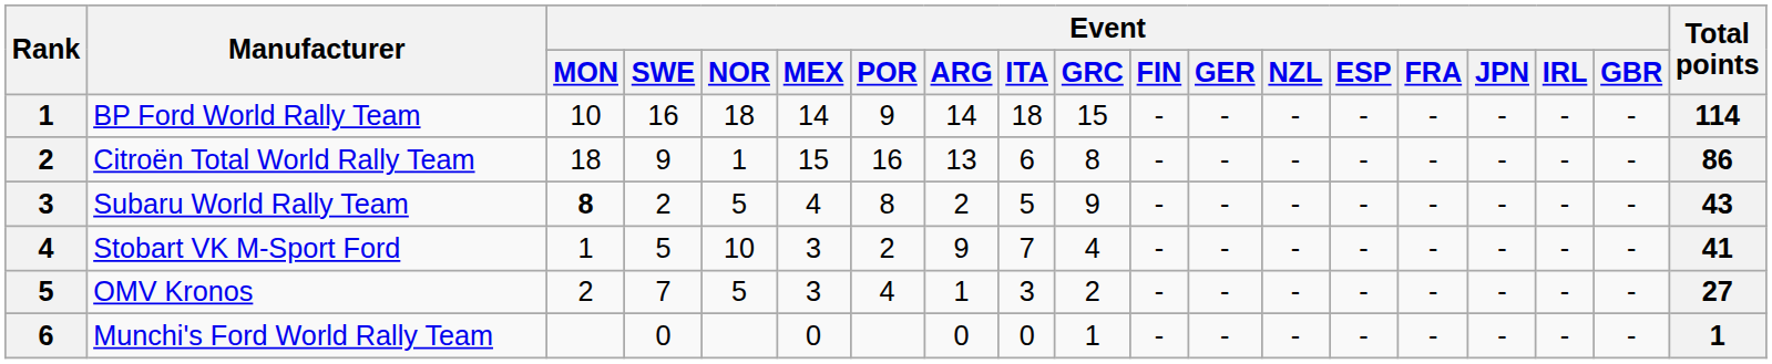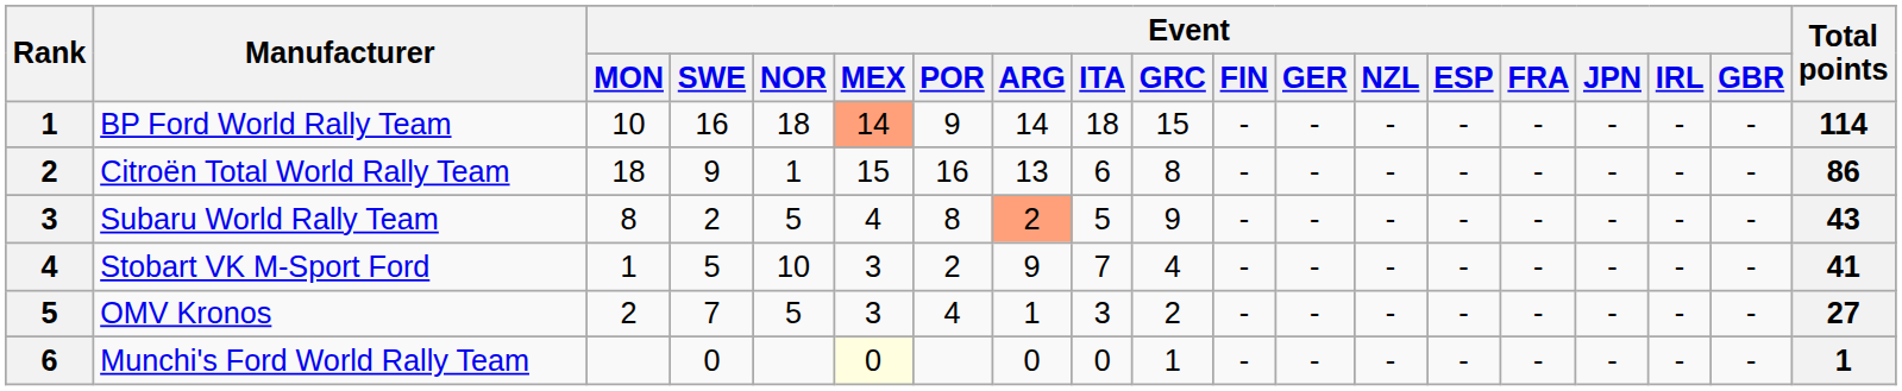 <table class="wikitable" style="text-align:center; font-size:90%;">
 <tr>
 <th rowspan=2>Rank</th>
 <th rowspan=2 style="width:16em">Manufacturer</th>
 <th colspan=16>Event</th>
 <th rowspan=2>Total<br>points</th>
 </tr>
 <tr valign="top">
 <th><a href='#'>MON</a><br></th>
 <th><a href='#'>SWE</a><br></th>
 <th><a href='#'>NOR</a><br></th>
 <th><a href='#'>MEX</a><br></th>
 <th><a href='#'>POR</a><br></th>
 <th><a href='#'>ARG</a><br></th>
 <th><a href='#'>ITA</a><br></th>
 <th><a href='#'>GRC</a><br></th>
 <th><a href='#'>FIN</a><br></th>
 <th><a href='#'>GER</a><br></th>
 <th><a href='#'>NZL</a><br></th>
 <th><a href='#'>ESP</a><br></th>
 <th><a href='#'>FRA</a><br></th>
 <th><a href='#'>JPN</a><br></th>
 <th><a href='#'>IRL</a><br></th>
 <th><a href='#'>GBR</a><br></th>
 </tr>
 <tr>
 <th>1</th>
 <td align=left><a href='#'>BP Ford World Rally Team</a></td>
 <td>10</td>
 <td>16</td>
 <td>18</td>
-<td>14</td>
+<td style="background: lightsalmon;">14</td>
 <td>9</td>
 <td>14</td>
 <td>18</td>
 <td>15</td>
 <td>-</td>
 <td>-</td>
 <td>-</td>
 <td>-</td>
 <td>-</td>
 <td>-</td>
 <td>-</td>
 <td>-</td>
 <th>114</th>
 </tr>
 <tr>
 <th>2</th>
 <td align=left><a href='#'>Citroën Total World Rally Team</a></td>
 <td>18</td>
 <td>9</td>
 <td>1</td>
 <td>15</td>
 <td>16</td>
 <td>13</td>
 <td>6</td>
 <td>8</td>
 <td>-</td>
 <td>-</td>
 <td>-</td>
 <td>-</td>
 <td>-</td>
 <td>-</td>
 <td>-</td>
 <td>-</td>
 <th>86</th>
 </tr>
 <tr>
 <th>3</th>
 <td align=left><a href='#'>Subaru World Rally Team</a></td>
-<td><strong>8</strong></td>
+<td>8</td>
 <td>2</td>
 <td>5</td>
 <td>4</td>
 <td>8</td>
-<td>2</td>
+<td style="background: lightsalmon;">2</td>
 <td>5</td>
 <td>9</td>
 <td>-</td>
 <td>-</td>
 <td>-</td>
 <td>-</td>
 <td>-</td>
 <td>-</td>
 <td>-</td>
 <td>-</td>
 <th>43</th>
 </tr>
 <tr>
 <th>4</th>
 <td align=left><a href='#'>Stobart VK M-Sport Ford</a></td>
 <td>1</td>
 <td>5</td>
 <td>10</td>
 <td>3</td>
 <td>2</td>
 <td>9</td>
 <td>7</td>
 <td>4</td>
 <td>-</td>
 <td>-</td>
 <td>-</td>
 <td>-</td>
 <td>-</td>
 <td>-</td>
 <td>-</td>
 <td>-</td>
 <th>41</th>
 </tr>
 <tr>
 <th>5</th>
 <td align=left><a href='#'>OMV Kronos</a></td>
 <td>2</td>
 <td>7</td>
 <td>5</td>
 <td>3</td>
 <td>4</td>
 <td>1</td>
 <td>3</td>
 <td>2</td>
 <td>-</td>
 <td>-</td>
 <td>-</td>
 <td>-</td>
 <td>-</td>
 <td>-</td>
 <td>-</td>
 <td>-</td>
 <th>27</th>
 </tr>
 <tr>
 <th>6</th>
 <td align="left"><a href='#'>Munchi's Ford World Rally Team</a></td>
 <td></td>
 <td>0</td>
 <td></td>
-<td>0</td>
+<td style="background: lightyellow;">0</td>
 <td></td>
 <td>0</td>
 <td>0</td>
 <td>1</td>
 <td>-</td>
 <td>-</td>
 <td>-</td>
 <td>-</td>
 <td>-</td>
 <td>-</td>
 <td>-</td>
 <td>-</td>
 <th>1</th>
 </tr>
 </table>
